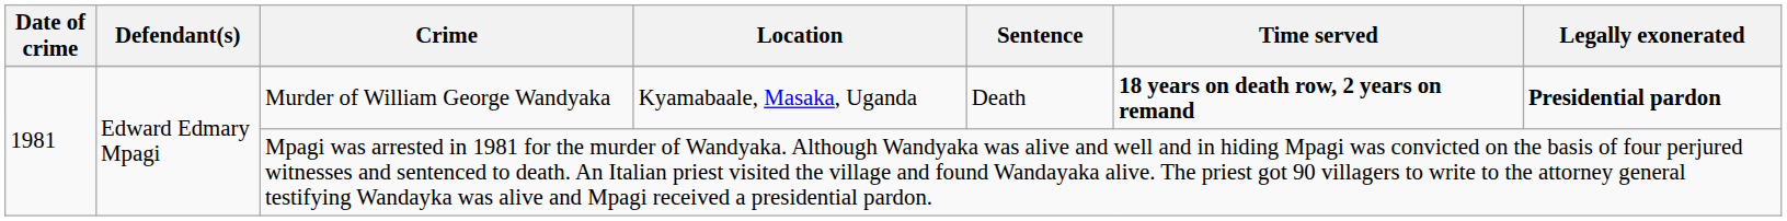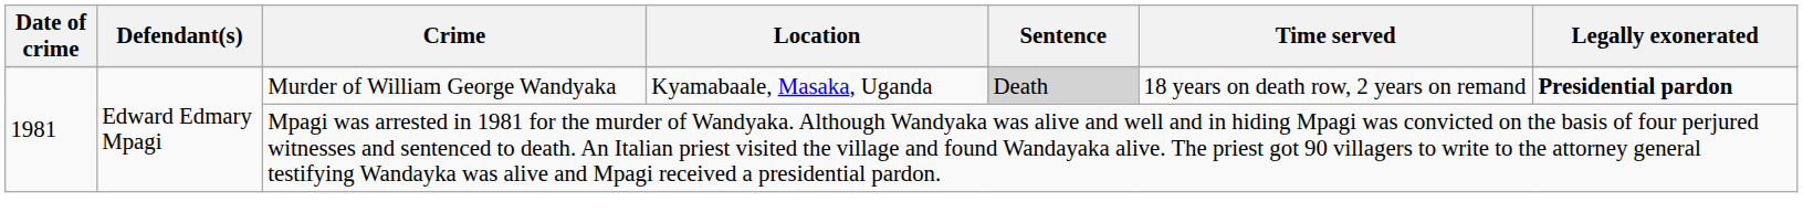 <table class="wikitable sortable">
 <tr>
 <th>Date of crime</th>
 <th>Defendant(s)</th>
 <th>Crime</th>
 <th>Location</th>
 <th>Sentence</th>
 <th>Time served</th>
 <th>Legally exonerated</th>
 </tr>
 <tr>
 </tr>
 <tr ->
 <td rowspan="2">1981</td>
 <td rowspan="2">Edward Edmary Mpagi</td>
 <td>Murder of William George Wandyaka</td>
 <td>Kyamabaale, <a href='#'>Masaka</a>, Uganda</td>
-<td>Death</td>
-<td><strong>18 years on death row, 2 years on remand</strong></td>
+<td style="background: lightgrey;">Death</td>
+<td>18 years on death row, 2 years on remand</td>
 <td><strong>Presidential pardon</strong></td>
 </tr>
 <tr>
 <td colspan=5>Mpagi was arrested in 1981 for the murder of Wandyaka. Although Wandyaka was alive and well and in hiding Mpagi was convicted on the basis of four perjured witnesses and sentenced to death. An Italian priest visited the village and found Wandayaka alive. The priest got 90 villagers to write to the attorney general testifying Wandayka was alive and Mpagi received a presidential pardon.</td>
 </tr>
 </table>
